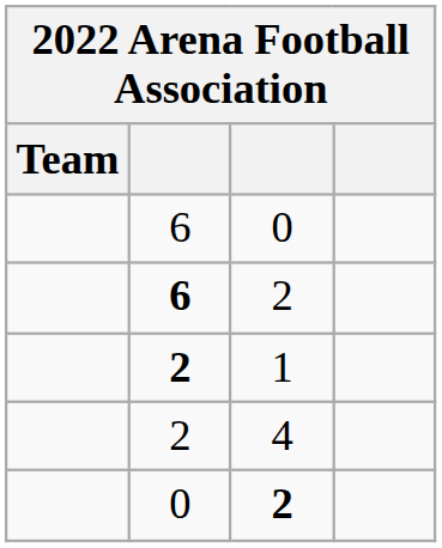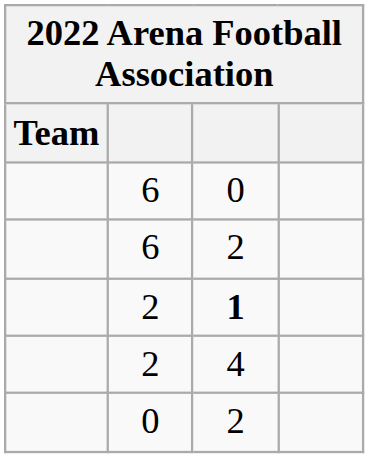 <table class="wikitable" style="text-align:center">
 <tr>
 <th colspan="9" style="vertical-align:middle;">2022 Arena Football Association</th>
 </tr>
 <tr>
 <th width="20">Team</th>
 <th width="30"></th>
 <th width="30"></th>
 <th width="30"></th>
 </tr>
 <tr>
 <td style="text-align:left;"></td>
 <td>6</td>
 <td>0</td>
 <td></td>
 </tr>
 <tr>
 <td style="text-align:left;"></td>
-<td><strong>6</strong></td>
+<td>6</td>
 <td>2</td>
 <td></td>
 </tr>
 <tr>
 <td style="text-align:left;"></td>
-<td><strong>2</strong></td>
-<td>1</td>
+<td>2</td>
+<td><strong>1</strong></td>
 <td></td>
 </tr>
 <tr>
 <td style="text-align:left;"></td>
 <td>2</td>
 <td>4</td>
 <td></td>
 </tr>
 <tr>
 <td style="text-align:left;"></td>
 <td>0</td>
-<td><strong>2</strong></td>
+<td>2</td>
 <td></td>
 </tr>
 </table>
